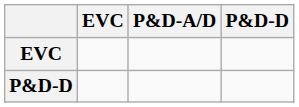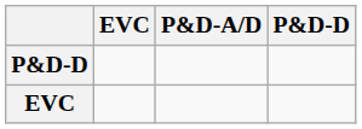 <table class="wikitable" style="font-size:90%;text-align:center;">
 <tr>
 <th></th>
 <th>EVC</th>
 <th>P&D-A/D</th>
 <th>P&D-D</th>
 </tr>
 <tr>
+<th>P&D-D</th>
+<td></td>
+<td></td>
+<td></td>
+</tr>
+<tr>
 <th>EVC</th>
 <td></td>
 <td></td>
 <td></td>
 </tr>
-<tr>
-<th>P&D-D</th>
-<td></td>
-<td></td>
-<td></td>
-</tr>
 </table>
